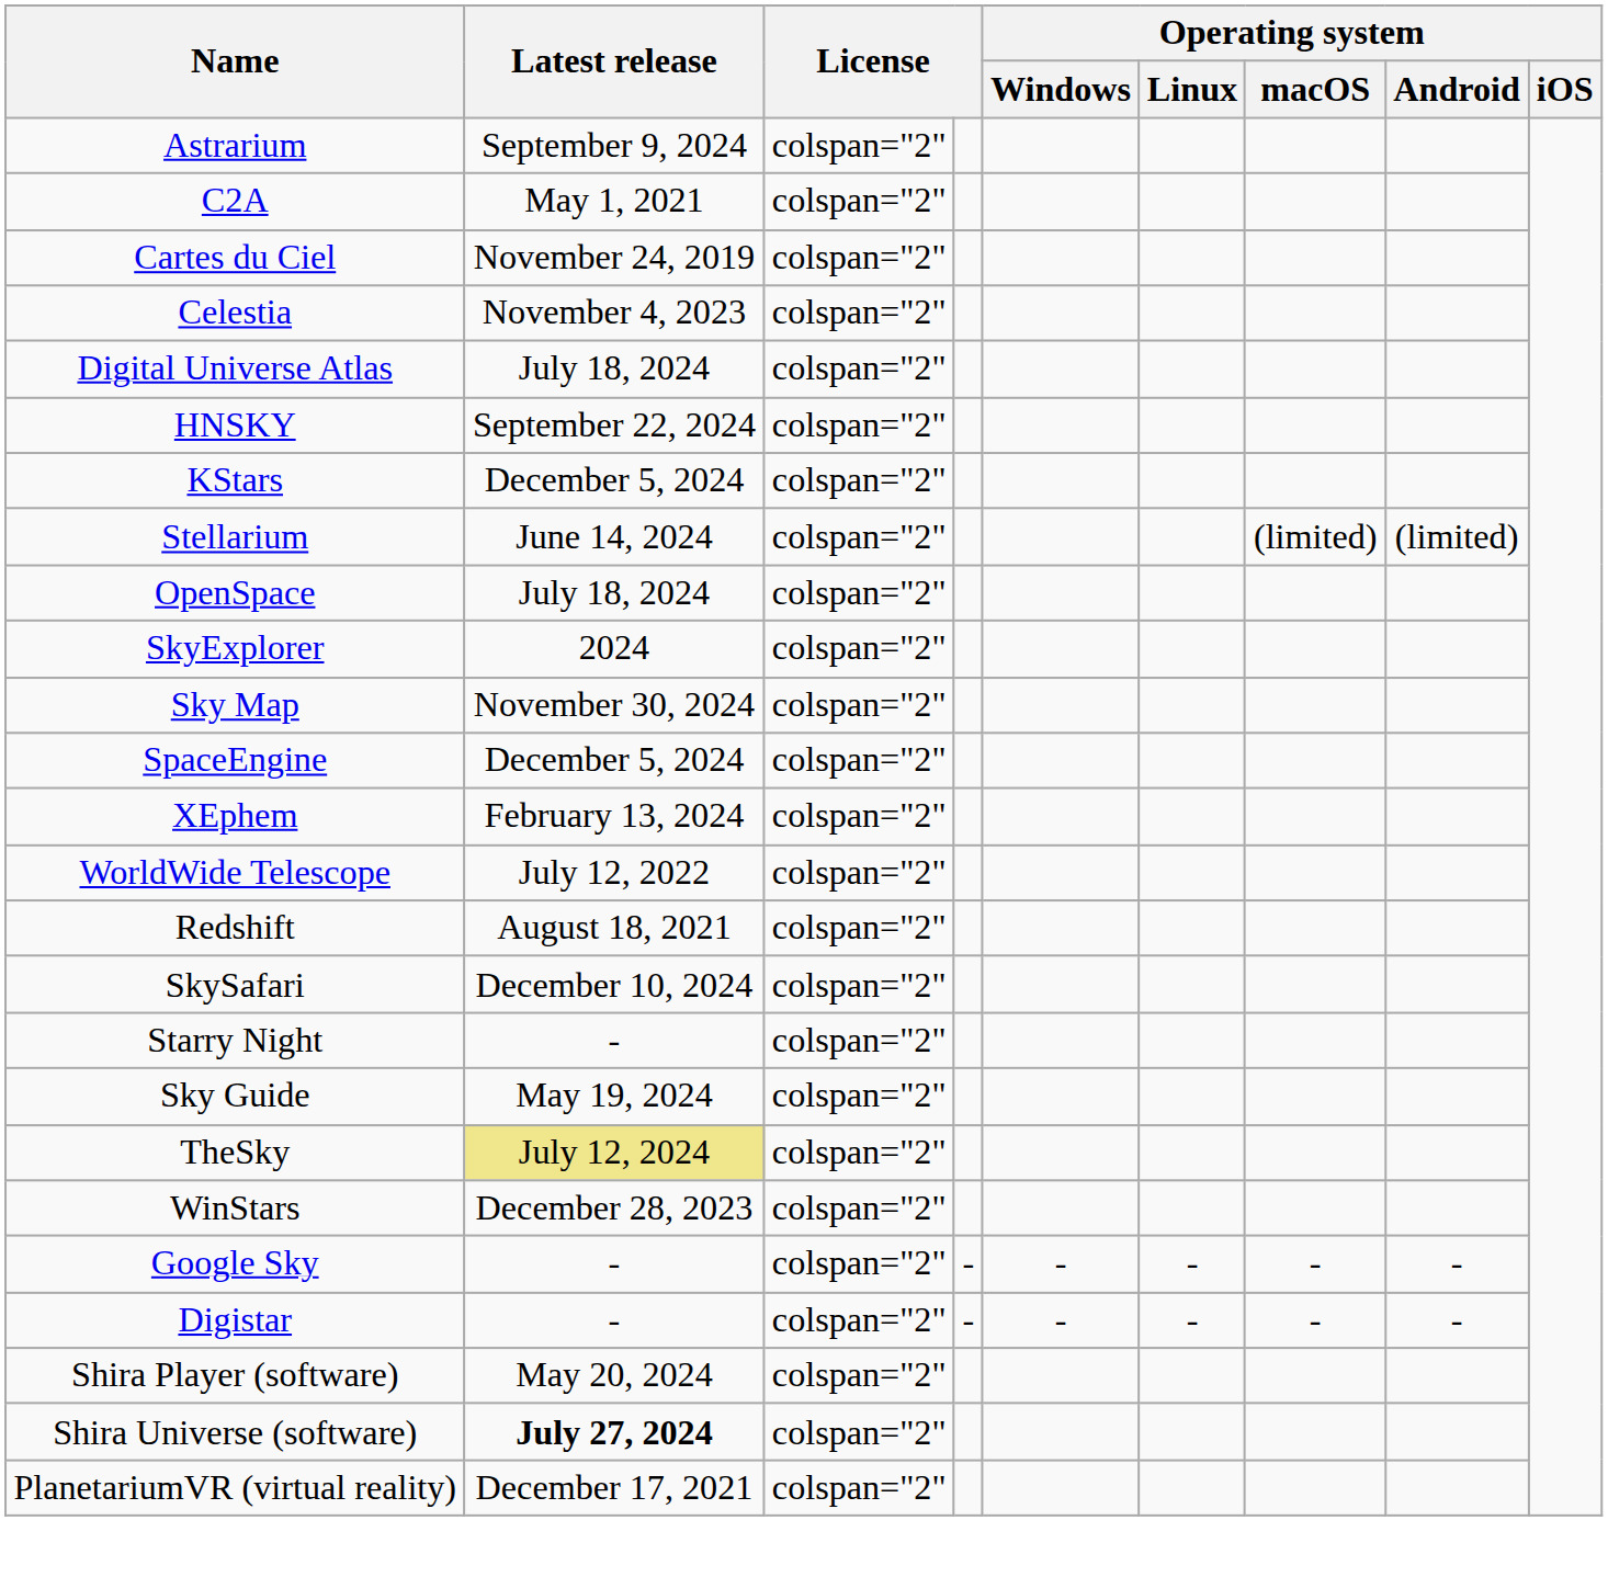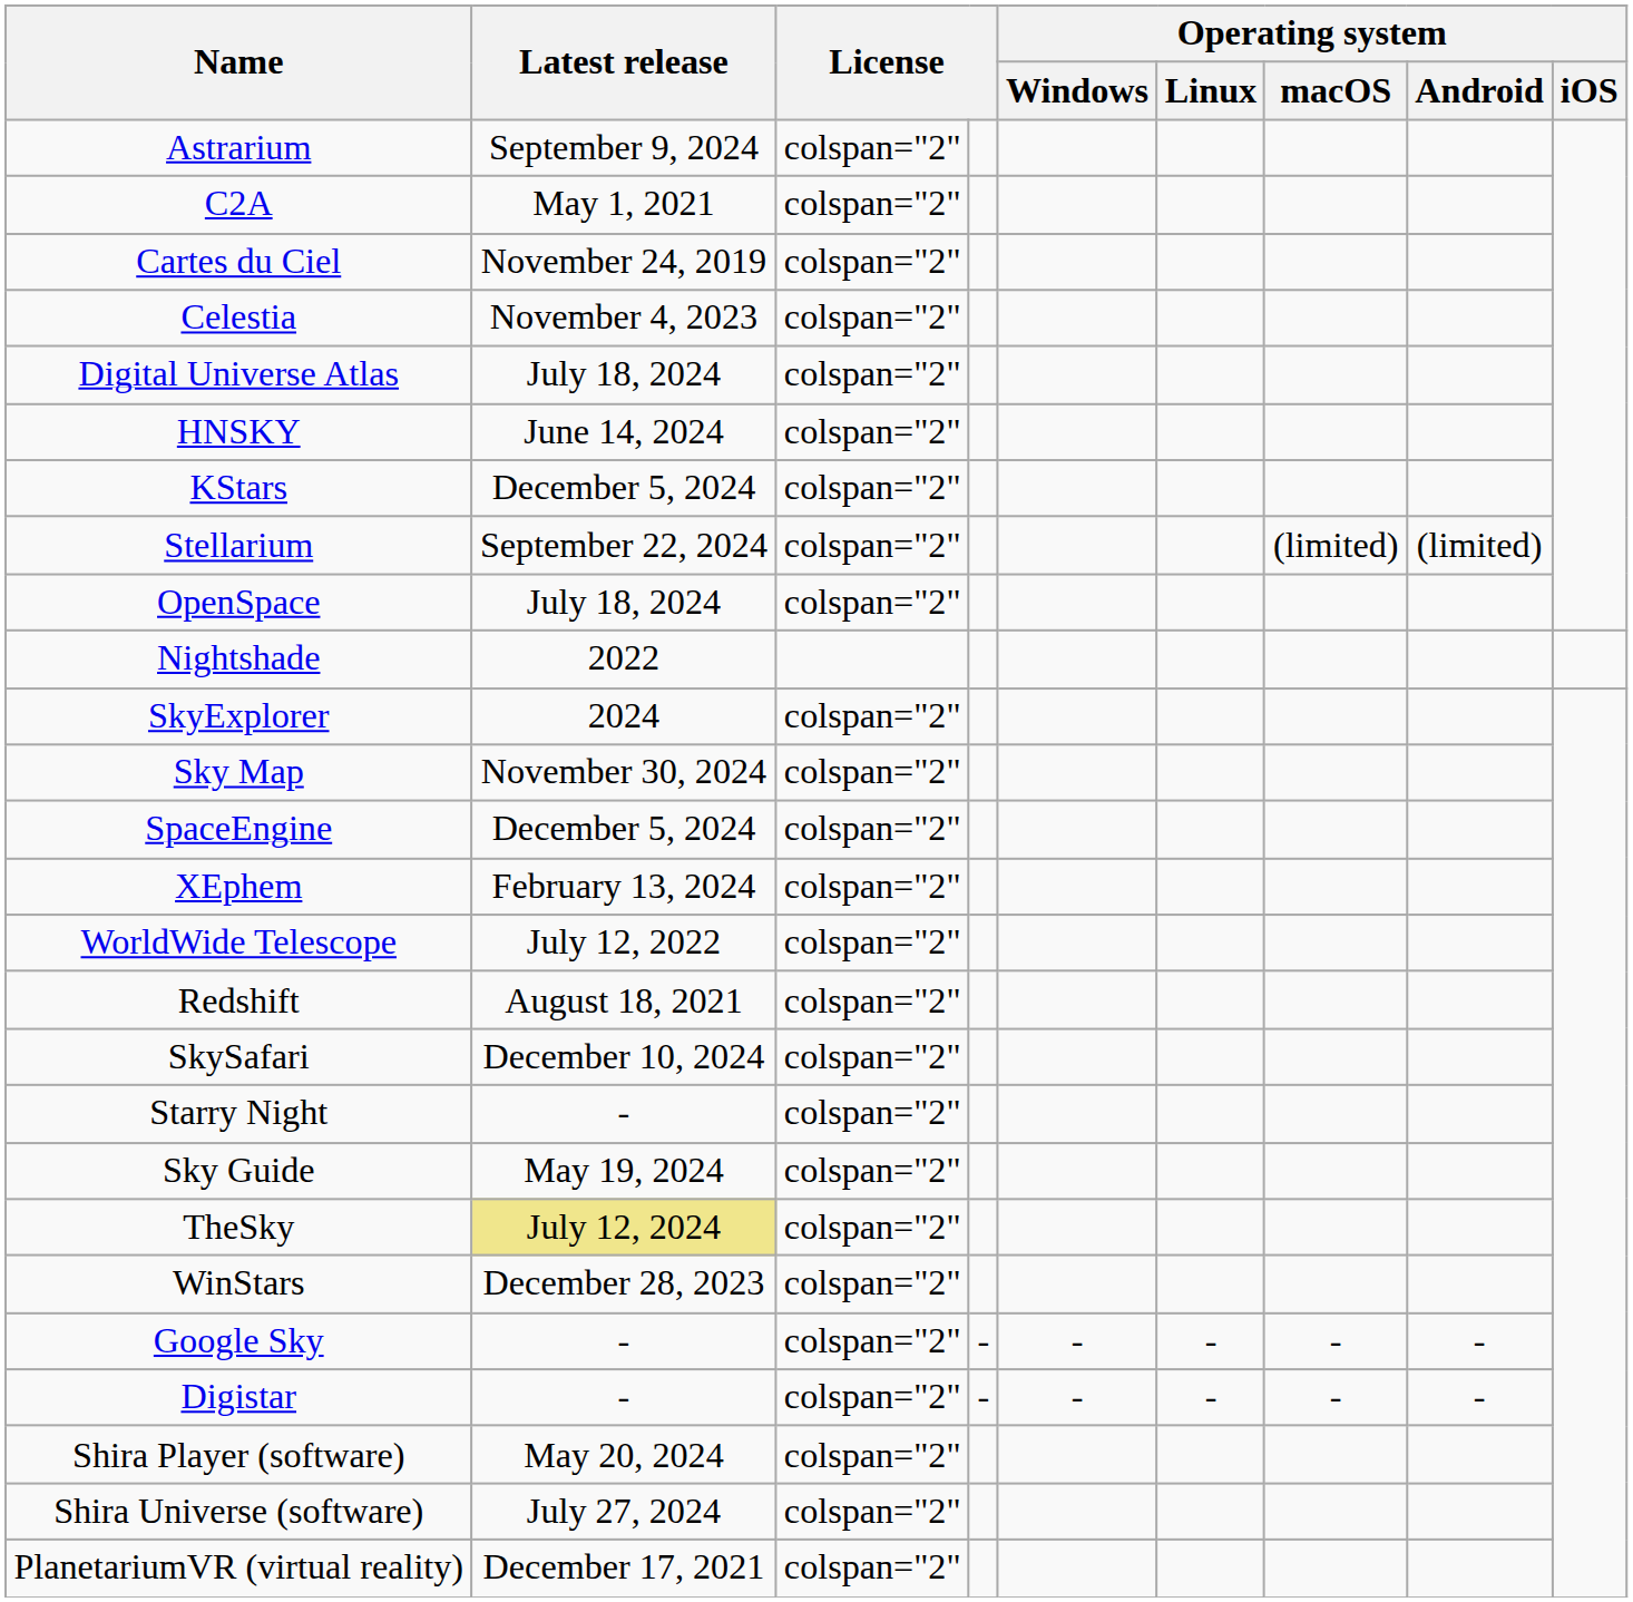 <table class="wikitable plainrowheaders sortable" style="text-align: center;">
 <tr>
 <th rowspan="2">Name</th>
 <th rowspan="2"  data-sort-type=date>Latest release</th>
 <th rowspan="2" colspan="2">License</th>
 <th colspan="5">Operating system</th>
 </tr>
 <tr>
 <th>Windows</th>
 <th>Linux</th>
 <th>macOS</th>
 <th>Android</th>
 <th>iOS</th>
 </tr>
 <tr>
 <td><a href='#'>Astrarium</a></td>
 <td>September 9, 2024</td>
 <td>colspan="2" </td>
 <td></td>
 <td></td>
 <td></td>
 <td></td>
 <td></td>
 </tr>
 <tr>
 <td><a href='#'>C2A</a></td>
 <td>May 1, 2021</td>
 <td>colspan="2" </td>
 <td></td>
 <td></td>
 <td></td>
 <td></td>
 <td></td>
 </tr>
 <tr>
 <td><a href='#'>Cartes du Ciel</a></td>
 <td>November 24, 2019</td>
 <td>colspan="2" </td>
 <td></td>
 <td></td>
 <td></td>
 <td></td>
 <td></td>
 </tr>
 <tr>
 <td><a href='#'>Celestia</a></td>
 <td>November 4, 2023</td>
 <td>colspan="2" </td>
 <td></td>
 <td></td>
 <td></td>
 <td></td>
 <td></td>
 </tr>
 <tr>
 <td><a href='#'>Digital Universe Atlas</a></td>
 <td>July 18, 2024</td>
 <td>colspan="2" </td>
 <td></td>
 <td></td>
 <td></td>
 <td></td>
 <td></td>
 </tr>
 <tr>
 <td><a href='#'>HNSKY</a></td>
-<td>September 22, 2024</td>
+<td>June 14, 2024</td>
 <td>colspan="2" </td>
 <td></td>
 <td></td>
 <td></td>
 <td></td>
 <td></td>
 </tr>
 <tr>
 <td><a href='#'>KStars</a></td>
 <td>December 5, 2024</td>
 <td>colspan="2" </td>
 <td></td>
 <td></td>
 <td></td>
 <td></td>
 <td></td>
 </tr>
 <tr>
 <td><a href='#'>Stellarium</a></td>
-<td>June 14, 2024</td>
+<td>September 22, 2024</td>
 <td>colspan="2" </td>
 <td></td>
 <td></td>
 <td></td>
 <td> (limited)</td>
 <td> (limited)</td>
 </tr>
 <tr>
 <td><a href='#'>OpenSpace</a></td>
 <td>July 18, 2024</td>
 <td>colspan="2" </td>
+<td></td>
+<td></td>
+<td></td>
+<td></td>
+<td></td>
+</tr>
+<tr>
+<td><a href='#'>Nightshade</a></td>
+<td>2022</td>
+<td></td>
+<td></td>
 <td></td>
 <td></td>
 <td></td>
 <td></td>
 <td></td>
 </tr>
 <tr>
 <td><a href='#'>SkyExplorer</a></td>
 <td>2024</td>
 <td>colspan="2" </td>
 <td></td>
 <td></td>
 <td></td>
 <td></td>
 <td></td>
 </tr>
 <tr>
 <td><a href='#'>Sky Map</a></td>
 <td>November 30, 2024 </td>
 <td>colspan="2" </td>
 <td></td>
 <td></td>
 <td></td>
 <td></td>
 <td></td>
 </tr>
 <tr>
 <td><a href='#'>SpaceEngine</a></td>
 <td>December 5, 2024</td>
 <td>colspan="2" </td>
 <td></td>
 <td></td>
 <td></td>
 <td></td>
 <td></td>
 </tr>
 <tr>
 <td><a href='#'>XEphem</a></td>
 <td>February 13, 2024</td>
 <td>colspan="2" </td>
 <td></td>
 <td></td>
 <td></td>
 <td></td>
 <td></td>
 </tr>
 <tr>
 <td><a href='#'>WorldWide Telescope</a></td>
 <td>July 12, 2022</td>
 <td>colspan="2" </td>
 <td></td>
 <td></td>
 <td></td>
 <td></td>
 <td></td>
 </tr>
 <tr>
 <td>Redshift</td>
 <td>August 18, 2021</td>
 <td>colspan="2" </td>
 <td></td>
 <td></td>
 <td></td>
 <td></td>
 <td></td>
 </tr>
 <tr>
 <td>SkySafari</td>
 <td>December 10, 2024</td>
 <td>colspan="2" </td>
 <td></td>
 <td></td>
 <td></td>
 <td></td>
 <td></td>
 </tr>
 <tr>
 <td>Starry Night</td>
 <td>-</td>
 <td>colspan="2" </td>
 <td></td>
 <td></td>
 <td></td>
 <td></td>
 <td></td>
 </tr>
 <tr>
 <td>Sky Guide</td>
 <td>May 19, 2024</td>
 <td>colspan="2" </td>
 <td></td>
 <td></td>
 <td></td>
 <td></td>
 <td></td>
 </tr>
 <tr>
 <td>TheSky</td>
 <td style="background: khaki;">July 12, 2024</td>
 <td>colspan="2" </td>
 <td></td>
 <td></td>
 <td></td>
 <td></td>
 <td></td>
 </tr>
 <tr>
 <td>WinStars</td>
 <td>December 28, 2023</td>
 <td>colspan="2" </td>
 <td></td>
 <td></td>
 <td></td>
 <td></td>
 <td></td>
 </tr>
 <tr>
 <td><a href='#'>Google Sky</a></td>
 <td>-</td>
 <td>colspan="2" </td>
 <td>-</td>
 <td>-</td>
 <td>-</td>
 <td>-</td>
 <td>-</td>
 </tr>
 <tr>
 <td><a href='#'>Digistar</a></td>
 <td>-</td>
 <td>colspan="2" </td>
 <td>-</td>
 <td>-</td>
 <td>-</td>
 <td>-</td>
 <td>-</td>
 </tr>
 <tr>
 <td>Shira Player (software)</td>
 <td>May 20, 2024</td>
 <td>colspan="2" </td>
 <td></td>
 <td></td>
 <td></td>
 <td></td>
 <td></td>
 </tr>
 <tr>
 <td>Shira Universe (software)</td>
-<td><strong>July 27, 2024</strong></td>
+<td>July 27, 2024</td>
 <td>colspan="2" </td>
 <td></td>
 <td></td>
 <td></td>
 <td></td>
 <td></td>
 </tr>
 <tr>
 <td>PlanetariumVR (virtual reality)</td>
 <td>December 17, 2021</td>
 <td>colspan="2" </td>
 <td></td>
 <td></td>
 <td></td>
 <td></td>
 <td></td>
 </tr>
 </table>
